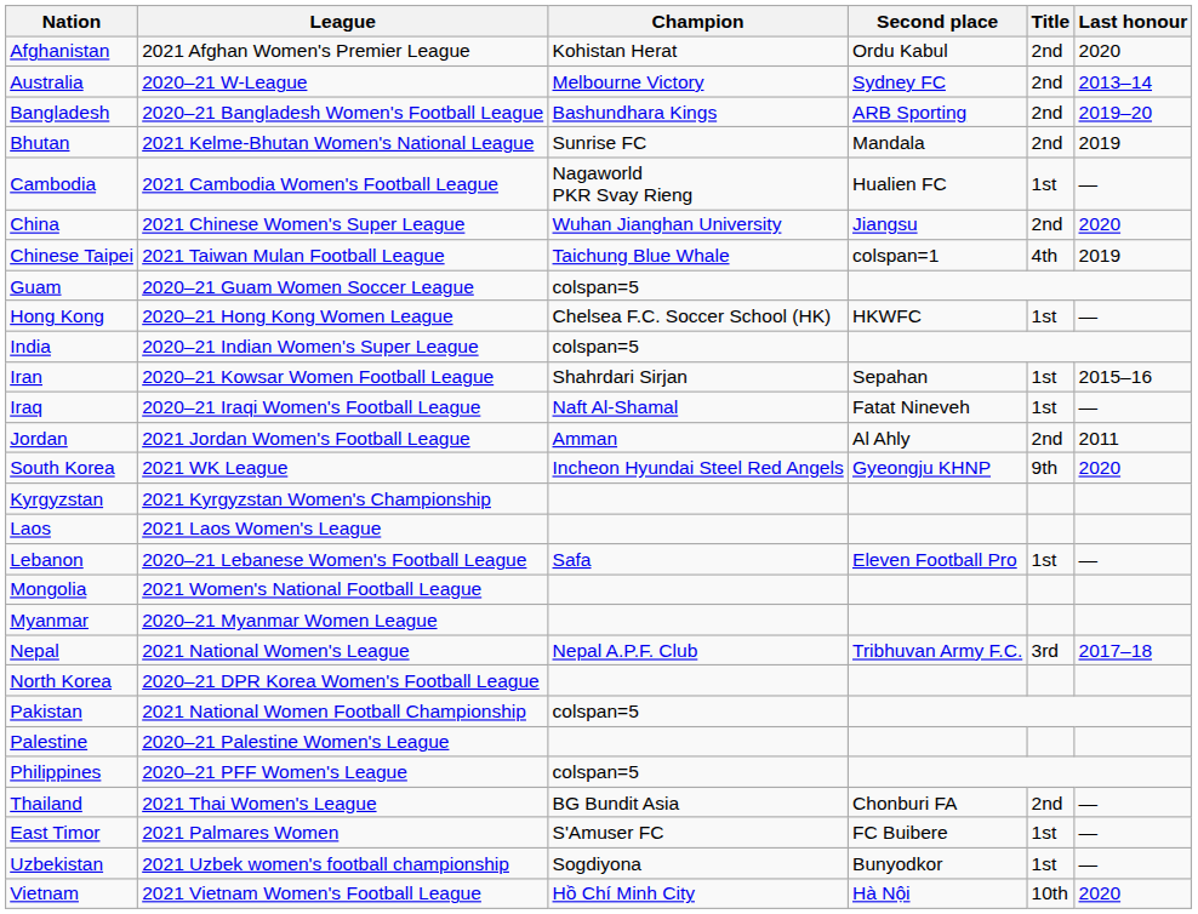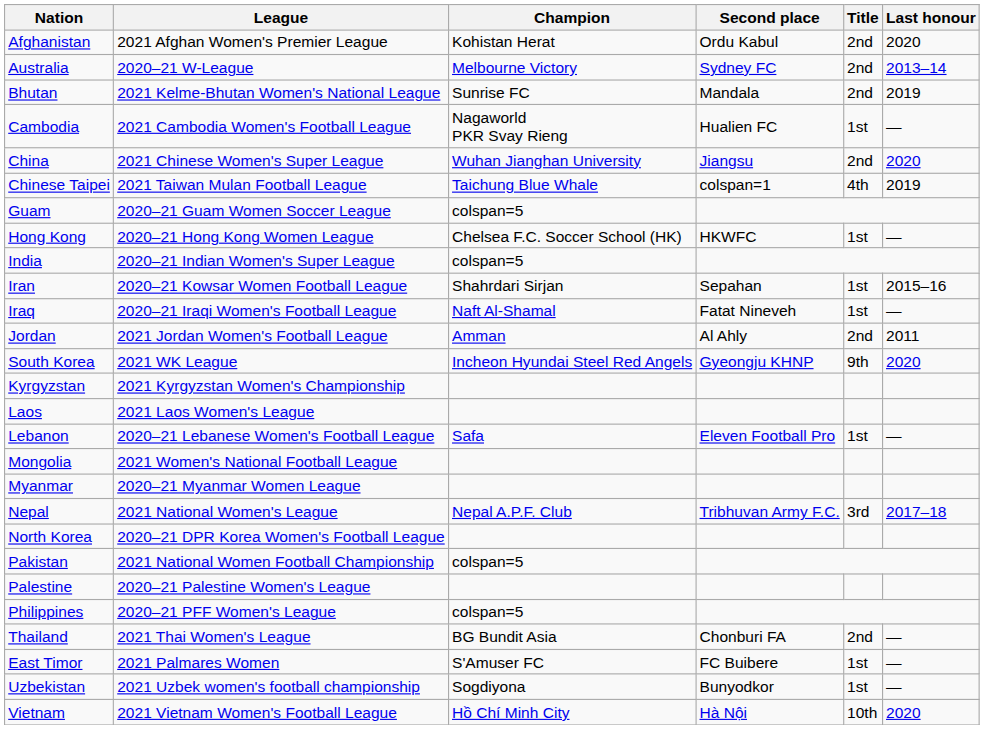 <table class=wikitable style="font-size:14px">
 <tr>
 <th>Nation</th>
 <th>League</th>
 <th>Champion</th>
 <th>Second place</th>
 <th data-sort-type="number">Title</th>
 <th>Last honour</th>
 </tr>
 <tr>
 <td> <a href='#'>Afghanistan</a></td>
 <td>2021 Afghan Women's Premier League</td>
 <td>Kohistan Herat</td>
 <td>Ordu Kabul</td>
 <td>2nd</td>
 <td>2020</td>
 </tr>
 <tr>
 <td> <a href='#'>Australia</a></td>
 <td><a href='#'>2020–21 W-League</a></td>
 <td><a href='#'>Melbourne Victory</a></td>
 <td><a href='#'>Sydney FC</a></td>
 <td>2nd</td>
 <td><a href='#'>2013–14</a></td>
-</tr>
-<tr>
-<td> <a href='#'>Bangladesh</a></td>
-<td><a href='#'>2020–21 Bangladesh Women's Football League</a></td>
-<td><a href='#'>Bashundhara Kings</a></td>
-<td><a href='#'>ARB Sporting</a></td>
-<td>2nd</td>
-<td><a href='#'>2019–20</a></td>
 </tr>
 <tr>
 <td> <a href='#'>Bhutan</a></td>
 <td><a href='#'>2021 Kelme-Bhutan Women's National League</a></td>
 <td>Sunrise FC</td>
 <td>Mandala</td>
 <td>2nd</td>
 <td>2019</td>
 </tr>
 <tr>
 <td> <a href='#'>Cambodia</a></td>
 <td><a href='#'>2021 Cambodia Women's Football League</a></td>
 <td>Nagaworld<br>PKR Svay Rieng</td>
 <td>Hualien FC</td>
 <td>1st</td>
 <td>—</td>
 </tr>
 <tr>
 <td> <a href='#'>China</a></td>
 <td><a href='#'>2021 Chinese Women's Super League</a></td>
 <td><a href='#'>Wuhan Jianghan University</a></td>
 <td><a href='#'>Jiangsu</a></td>
 <td>2nd</td>
 <td><a href='#'>2020</a></td>
 </tr>
 <tr>
 <td> <a href='#'>Chinese Taipei</a></td>
 <td><a href='#'>2021 Taiwan Mulan Football League</a></td>
 <td><a href='#'>Taichung Blue Whale</a></td>
 <td>colspan=1 </td>
 <td>4th</td>
 <td>2019</td>
 </tr>
 <tr>
 <td align=left> <a href='#'>Guam</a></td>
 <td align=left><a href='#'>2020–21 Guam Women Soccer League</a></td>
 <td>colspan=5 </td>
 </tr>
 <tr>
 <td> <a href='#'>Hong Kong</a></td>
 <td><a href='#'>2020–21 Hong Kong Women League</a></td>
 <td>Chelsea F.C. Soccer School (HK)</td>
 <td>HKWFC</td>
 <td>1st</td>
 <td>—</td>
 </tr>
 <tr>
 <td> <a href='#'>India</a></td>
 <td><a href='#'>2020–21 Indian Women's Super League</a></td>
 <td>colspan=5 </td>
 </tr>
 <tr>
 <td> <a href='#'>Iran</a></td>
 <td><a href='#'>2020–21 Kowsar Women Football League</a></td>
 <td>Shahrdari Sirjan</td>
 <td>Sepahan</td>
 <td>1st</td>
 <td>2015–16</td>
 </tr>
 <tr>
 <td> <a href='#'>Iraq</a></td>
 <td><a href='#'>2020–21 Iraqi Women's Football League</a></td>
 <td><a href='#'>Naft Al-Shamal</a></td>
 <td>Fatat Nineveh</td>
 <td>1st</td>
 <td>—</td>
 </tr>
 <tr>
 <td> <a href='#'>Jordan</a></td>
 <td><a href='#'>2021 Jordan Women's Football League</a></td>
 <td><a href='#'>Amman</a></td>
 <td>Al Ahly</td>
 <td>2nd</td>
 <td>2011</td>
 </tr>
 <tr>
 <td> <a href='#'>South Korea</a></td>
 <td><a href='#'>2021 WK League</a></td>
 <td><a href='#'>Incheon Hyundai Steel Red Angels</a></td>
 <td><a href='#'>Gyeongju KHNP</a></td>
 <td>9th</td>
 <td><a href='#'>2020</a></td>
 </tr>
 <tr>
 <td> <a href='#'>Kyrgyzstan</a></td>
 <td><a href='#'>2021 Kyrgyzstan Women's Championship</a></td>
 <td></td>
 <td></td>
 <td></td>
 <td></td>
 </tr>
 <tr>
 <td> <a href='#'>Laos</a></td>
 <td><a href='#'>2021 Laos Women's League</a></td>
 <td></td>
 <td></td>
 <td></td>
 <td></td>
 </tr>
 <tr>
 <td> <a href='#'>Lebanon</a></td>
 <td><a href='#'>2020–21 Lebanese Women's Football League</a></td>
 <td><a href='#'>Safa</a></td>
 <td><a href='#'>Eleven Football Pro</a></td>
 <td>1st</td>
 <td>—</td>
 </tr>
 <tr>
 <td> <a href='#'>Mongolia</a></td>
 <td><a href='#'>2021 Women's National Football League</a></td>
 <td></td>
 <td></td>
 <td></td>
 <td></td>
 </tr>
 <tr>
 <td> <a href='#'>Myanmar</a></td>
 <td><a href='#'>2020–21 Myanmar Women League</a></td>
 <td></td>
 <td></td>
 <td></td>
 <td></td>
 </tr>
 <tr>
 <td> <a href='#'>Nepal</a></td>
 <td><a href='#'>2021 National Women's League</a></td>
 <td><a href='#'>Nepal A.P.F. Club</a></td>
 <td><a href='#'>Tribhuvan Army F.C.</a></td>
 <td>3rd</td>
 <td><a href='#'>2017–18</a></td>
 </tr>
 <tr>
 <td> <a href='#'>North Korea</a></td>
 <td><a href='#'>2020–21 DPR Korea Women's Football League</a></td>
 <td></td>
 <td></td>
 <td></td>
 <td></td>
 </tr>
 <tr>
 <td> <a href='#'>Pakistan</a></td>
 <td><a href='#'>2021 National Women Football Championship</a></td>
 <td>colspan=5 </td>
 </tr>
 <tr>
 <td> <a href='#'>Palestine</a></td>
 <td><a href='#'>2020–21 Palestine Women's League</a></td>
 <td></td>
 <td></td>
 <td></td>
 <td></td>
 </tr>
 <tr>
 <td> <a href='#'>Philippines</a></td>
 <td><a href='#'>2020–21 PFF Women's League</a></td>
 <td>colspan=5 </td>
 </tr>
 <tr>
 <td> <a href='#'>Thailand</a></td>
 <td><a href='#'>2021 Thai Women's League</a></td>
 <td>BG Bundit Asia</td>
 <td>Chonburi FA</td>
 <td>2nd</td>
 <td>—</td>
 </tr>
 <tr>
 <td> <a href='#'>East Timor</a></td>
 <td><a href='#'>2021 Palmares Women</a></td>
 <td>S'Amuser FC</td>
 <td>FC Buibere</td>
 <td>1st</td>
 <td>—</td>
 </tr>
 <tr>
 <td> <a href='#'>Uzbekistan</a></td>
 <td><a href='#'>2021 Uzbek women's football championship</a></td>
 <td>Sogdiyona</td>
 <td>Bunyodkor</td>
 <td>1st</td>
 <td>—</td>
 </tr>
 <tr>
 <td> <a href='#'>Vietnam</a></td>
 <td><a href='#'>2021 Vietnam Women's Football League</a></td>
 <td><a href='#'>Hồ Chí Minh City</a></td>
 <td><a href='#'>Hà Nội</a></td>
 <td>10th</td>
 <td><a href='#'>2020</a></td>
 </tr>
 </table>
